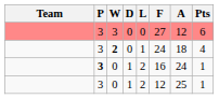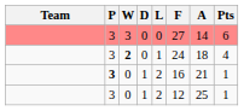 <table class="wikitable" style="text-align:center;">
 <tr>
 <th width="120px">Team</th>
 <th>P</th>
 <th>W</th>
 <th>D</th>
 <th>L</th>
 <th width="23px">F</th>
 <th width="23px">A</th>
 <th width="23px">Pts</th>
 </tr>
 <tr bgcolor="#FF8888">
 <td></td>
 <td>3</td>
 <td>3</td>
 <td>0</td>
 <td>0</td>
 <td>27</td>
-<td>12</td>
+<td>14</td>
 <td>6</td>
 </tr>
 <tr>
 <td></td>
 <td>3</td>
 <td><strong>2</strong></td>
 <td>0</td>
 <td>1</td>
 <td>24</td>
 <td>18</td>
 <td>4</td>
 </tr>
 <tr>
 <td></td>
 <td><strong>3</strong></td>
 <td>0</td>
 <td>1</td>
 <td>2</td>
 <td>16</td>
-<td>24</td>
+<td>21</td>
 <td>1</td>
 </tr>
 <tr>
 <td></td>
 <td>3</td>
 <td>0</td>
 <td>1</td>
 <td>2</td>
 <td>12</td>
 <td>25</td>
 <td>1</td>
 </tr>
 </table>
